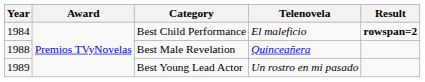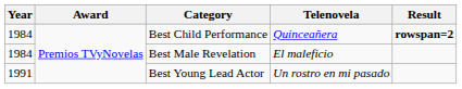 <table class="wikitable">
 <tr style="background:#b0c4de;">
 <th>Year</th>
 <th>Award</th>
 <th>Category</th>
 <th>Telenovela</th>
 <th>Result</th>
 </tr>
 <tr>
 <td>1984</td>
 <td rowspan=3><a href='#'>Premios TVyNovelas</a></td>
 <td>Best Child Performance</td>
-<td><em>El maleficio</em></td>
+<td><em><a href='#'>Quinceañera</a></em></td>
 <td><strong>rowspan=2 </strong></td>
 </tr>
 <tr>
-<td>1988</td>
+<td>1984</td>
 <td>Best Male Revelation</td>
-<td><em><a href='#'>Quinceañera</a></em></td>
+<td><em>El maleficio</em></td>
 </tr>
 <tr>
-<td>1989</td>
+<td>1991</td>
 <td>Best Young Lead Actor</td>
 <td><em>Un rostro en mi pasado</em></td>
 <td></td>
 </tr>
 </table>
